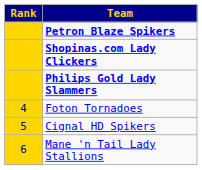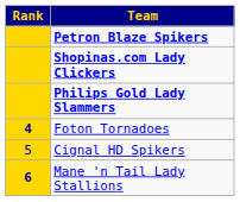 <table class="wikitable" style="text-align: center;">
 <tr>
 <th width=40 style="background:#00008B; color:#FFD700;">Rank</th>
 <th width=180 style="background:#00008B; color:#FFD700;">Team</th>
 </tr>
 <tr>
 <td style="background:#FFD700; color:#00008B;"></td>
 <td style="text-align:left;"><strong><a href='#'>Petron Blaze Spikers</a></strong></td>
 </tr>
 <tr>
 <td style="background:#FFD700; color:#00008B;"></td>
 <td style="text-align:left;"><strong><a href='#'>Shopinas.com Lady Clickers</a></strong></td>
 </tr>
 <tr>
 <td style="background:#FFD700; color:#00008B;"></td>
 <td style="text-align:left;"><strong><a href='#'>Philips Gold Lady Slammers</a></strong></td>
 </tr>
 <tr>
-<td style="background:#FFD700; color:#00008B;">4</td>
+<td style="background:#FFD700; color:#00008B;"><strong>4</strong></td>
 <td style="text-align:left;"><a href='#'>Foton Tornadoes</a></td>
 </tr>
 <tr>
 <td style="background:#FFD700; color:#00008B;">5</td>
 <td style="text-align:left;"><a href='#'>Cignal HD Spikers</a></td>
 </tr>
 <tr>
-<td style="background:#FFD700; color:#00008B;">6</td>
+<td style="background:#FFD700; color:#00008B;"><strong>6</strong></td>
 <td style="text-align:left;"><a href='#'>Mane 'n Tail Lady Stallions</a></td>
 </tr>
 </table>
